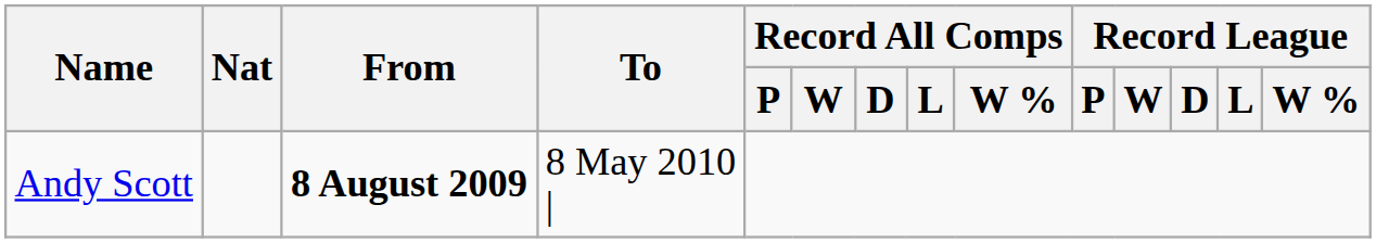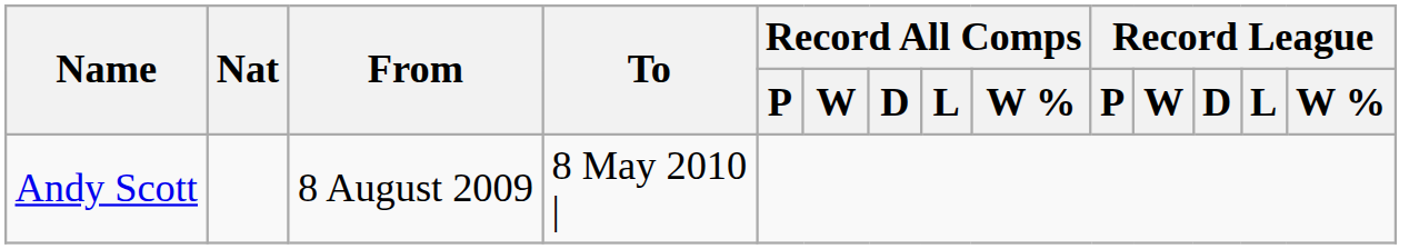 <table class="wikitable" style="text-align: center">
 <tr>
 <th rowspan="2">Name</th>
 <th rowspan="2">Nat</th>
 <th rowspan="2">From</th>
 <th rowspan="2">To</th>
 <th colspan="5">Record All Comps</th>
 <th colspan="5">Record League</th>
 </tr>
 <tr>
 <th>P</th>
 <th>W</th>
 <th>D</th>
 <th>L</th>
 <th>W %</th>
 <th>P</th>
 <th>W</th>
 <th>D</th>
 <th>L</th>
 <th>W %</th>
 </tr>
 <tr>
 <td align=left><a href='#'>Andy Scott</a></td>
 <td></td>
-<td align=left><strong>8 August 2009</strong></td>
+<td align=left>8 August 2009</td>
 <td align=left>8 May 2010<br>|</td>
 </tr>
 </table>
